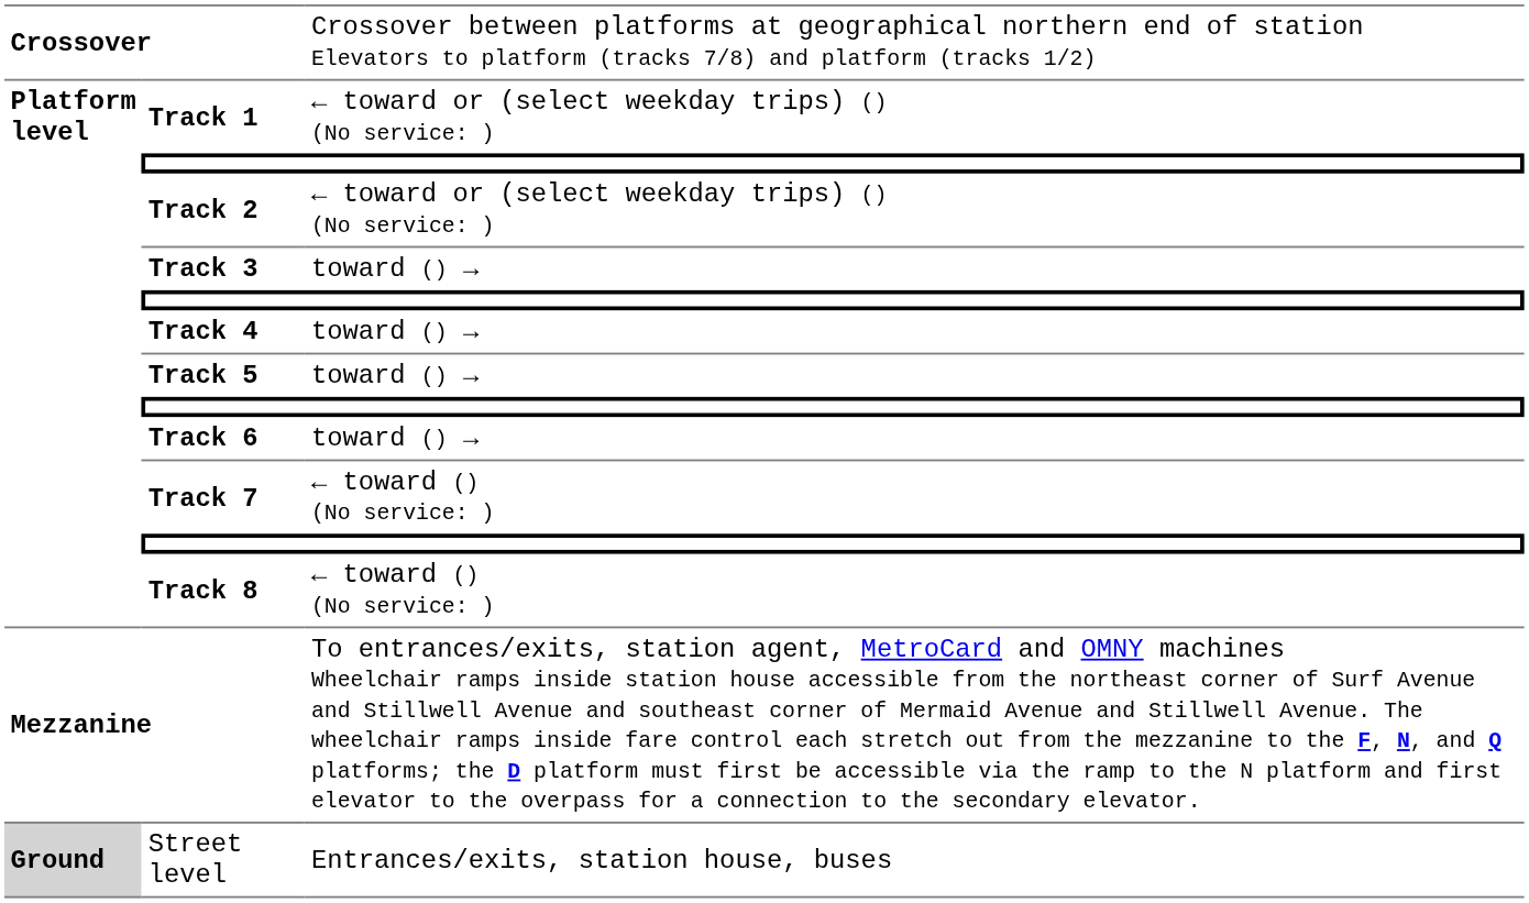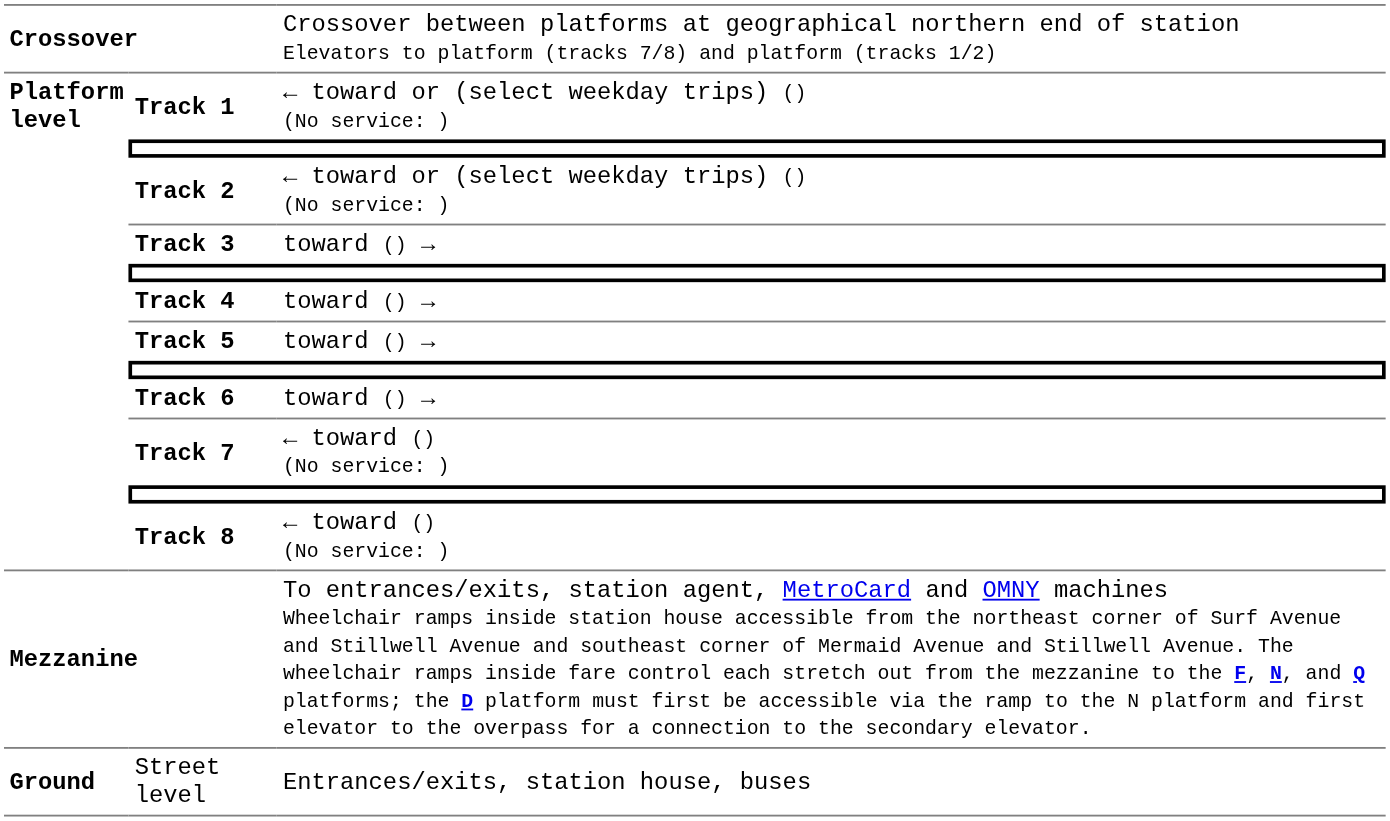 <table border=0 cellspacing=0 cellpadding=3>
 <tr>
 <td style="border-top:solid 1px gray;" colspan=2><strong>Crossover</strong></td>
 <td style="border-top:solid 1px gray;">Crossover between platforms at geographical northern end of station<br> <small>Elevators to  platform (tracks 7/8) and  platform (tracks 1/2)</small></td>
 </tr>
 <tr>
 <td style="border-top:solid 1px gray;border-bottom:solid 1px gray;vertical-align:top;" rowspan=12 width=50><strong>Platform<br>level</strong></td>
 <td style="border-top:solid 1px gray;" width=75><span><strong>Track 1</strong></span></td>
 <td style="border-top:solid 1px gray;" width=600>←  toward  or  (select weekday trips) <small>()</small><br> <small>(No service: )</small></td>
 </tr>
 <tr>
 <td style="border-top:solid 2px black;border-right:solid 2px black;border-left:solid 2px black;border-bottom:solid 2px black;text-align:center;" colspan=2></td>
 </tr>
 <tr>
 <td style="border-bottom:solid 1px gray;"><span><strong>Track 2</strong></span></td>
 <td style="border-bottom:solid 1px gray;">←  toward  or  (select weekday trips) <small>()</small><br> <small>(No service: )</small></td>
 </tr>
 <tr>
 <td><span><strong>Track 3</strong></span></td>
 <td>  toward  <small>()</small> →</td>
 </tr>
 <tr>
 <td style="border-top:solid 2px black;border-right:solid 2px black;border-left:solid 2px black;border-bottom:solid 2px black;text-align:center;" colspan=2></td>
 </tr>
 <tr>
 <td style="border-bottom:solid 1px gray;"><span><strong>Track 4</strong></span></td>
 <td style="border-bottom:solid 1px gray;">  toward  <small>()</small> →</td>
 </tr>
 <tr>
 <td style="border-bottom:solid 0px gray;"><span><strong>Track 5</strong></span></td>
 <td style="border-bottom:solid 0px gray;">  toward  <small>()</small> →</td>
 </tr>
 <tr>
 <td style="border-top:solid 2px black;border-right:solid 2px black;border-left:solid 2px black;border-bottom:solid 2px black;text-align:center;" colspan=2></td>
 </tr>
 <tr>
 <td style="border-bottom:solid 1px gray;"><span><strong>Track 6</strong></span></td>
 <td style="border-bottom:solid 1px gray;">  toward  <small>()</small> →</td>
 </tr>
 <tr>
 <td style="border-bottom:solid 0px gray;"><span><strong>Track 7</strong></span></td>
 <td style="border-bottom:solid 0px gray;">←  toward  <small>()</small><br><small> (No service: )</small></td>
 </tr>
 <tr>
 <td style="border-top:solid 2px black;border-right:solid 2px black;border-left:solid 2px black;border-bottom:solid 2px black;text-align:center;" colspan=2></td>
 </tr>
 <tr>
 <td style="border-bottom:solid 1px gray;"><span><strong>Track 8</strong></span></td>
 <td style="border-bottom:solid 1px gray;">←  toward  <small>()</small><br><small> (No service: )</small></td>
 </tr>
 <tr>
 <td colspan=2><strong>Mezzanine</strong></td>
 <td>To entrances/exits, station agent, <a href='#'>MetroCard</a> and <a href='#'>OMNY</a> machines<br> <small>Wheelchair ramps inside station house accessible from the northeast corner of Surf Avenue and Stillwell Avenue and southeast corner of Mermaid Avenue and Stillwell Avenue. The wheelchair ramps inside fare control each stretch out from the mezzanine to the <strong><a href='#'>F</a></strong>, <strong><a href='#'>N</a></strong>, and <strong><a href='#'>Q</a></strong> platforms; the <strong><a href='#'>D</a></strong> platform must first be accessible via the ramp to the N platform and first elevator to the overpass for a connection to the secondary elevator.</small></td>
 </tr>
 <tr>
-<td style="background: lightgrey; border-top:solid 1px gray;border-bottom:solid 1px gray;"><strong>Ground</strong></td>
+<td style="border-top:solid 1px gray;border-bottom:solid 1px gray;"><strong>Ground</strong></td>
 <td style="border-top:solid 1px gray;border-bottom:solid 1px gray;">Street level</td>
 <td style="border-top:solid 1px gray;border-bottom:solid 1px gray;">Entrances/exits, station house, buses</td>
 </tr>
 </table>
